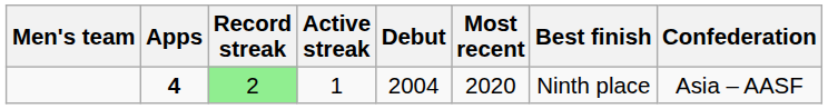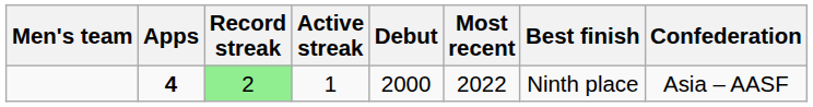 <table class="wikitable" style="text-align: center; font-size: 90%; margin-left: 1em;">
 <tr>
 <th>Men's team</th>
 <th>Apps</th>
 <th>Record<br>streak</th>
 <th>Active<br>streak</th>
 <th>Debut</th>
 <th>Most<br>recent</th>
 <th>Best finish</th>
 <th>Confederation</th>
 </tr>
 <tr>
 <td style="text-align: left;"></td>
 <td><strong>4</strong></td>
 <td style="background: lightgreen;">2</td>
 <td>1</td>
-<td>2004</td>
-<td>2020</td>
+<td>2000</td>
+<td>2022</td>
 <td>Ninth place</td>
 <td>Asia – AASF</td>
 </tr>
 </table>
